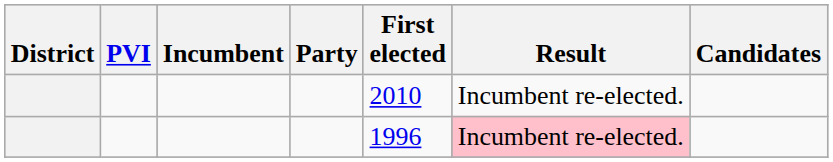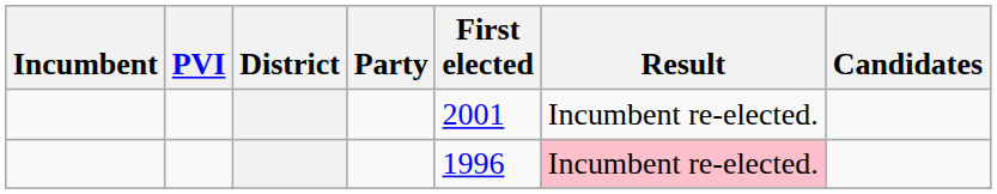 <table class="wikitable sortable">
 <tr valign=bottom>
+<th>Incumbent</th>
+<th><a href='#'>PVI</a></th>
 <th>District</th>
-<th><a href='#'>PVI</a></th>
-<th>Incumbent</th>
 <th>Party</th>
 <th>First<br>elected</th>
 <th>Result</th>
 <th>Candidates</th>
 </tr>
 <tr>
+<td></td>
+<td></td>
 <th></th>
 <td></td>
-<td></td>
-<td></td>
-<td><a href='#'>2010</a></td>
+<td><a href='#'>2001</a></td>
 <td>Incumbent re-elected.</td>
 <td nowrap></td>
 </tr>
 <tr>
-<th></th>
 <td></td>
 <td></td>
+<th></th>
 <td></td>
 <td><a href='#'>1996</a></td>
 <td style="background: pink;">Incumbent re-elected.</td>
 <td nowrap></td>
 </tr>
 </table>
